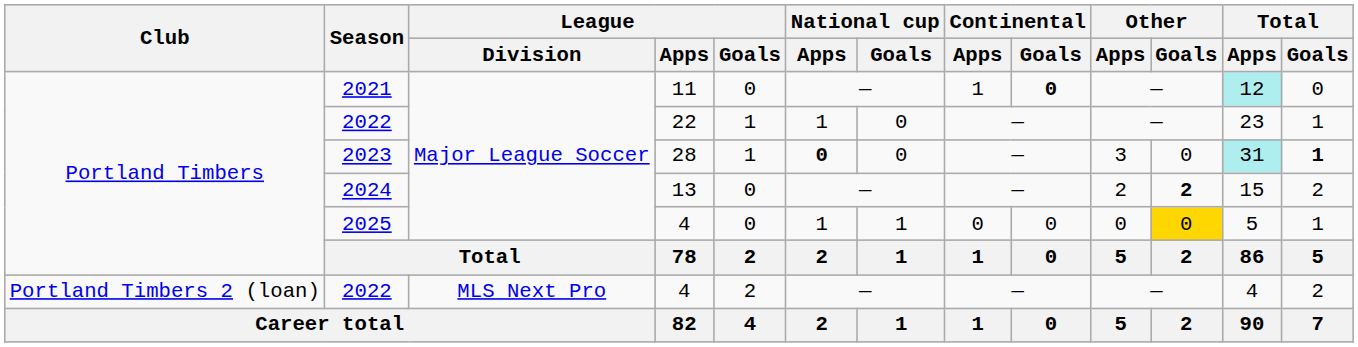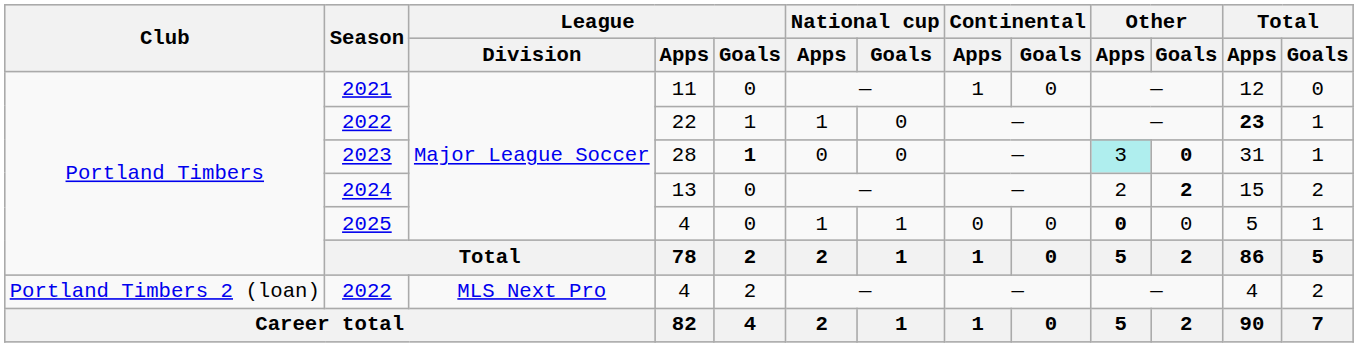 <table class="wikitable" style="text-align: center">
 <tr>
 <th rowspan="2">Club</th>
 <th rowspan="2">Season</th>
 <th colspan="3">League</th>
 <th colspan="2">National cup</th>
 <th colspan="2">Continental</th>
 <th colspan="2">Other</th>
 <th colspan="2">Total</th>
 </tr>
 <tr>
 <th>Division</th>
 <th>Apps</th>
 <th>Goals</th>
 <th>Apps</th>
 <th>Goals</th>
 <th>Apps</th>
 <th>Goals</th>
 <th>Apps</th>
 <th>Goals</th>
 <th>Apps</th>
 <th>Goals</th>
 </tr>
 <tr>
 <td rowspan="6"><a href='#'>Portland Timbers</a></td>
 <td><a href='#'>2021</a></td>
 <td rowspan=5><a href='#'>Major League Soccer</a></td>
 <td>11</td>
 <td>0</td>
 <td colspan="2">—</td>
 <td>1</td>
-<td><strong>0</strong></td>
+<td>0</td>
 <td colspan="2">—</td>
-<td style="background: paleturquoise;">12</td>
+<td>12</td>
 <td>0</td>
 </tr>
 <tr>
 <td><a href='#'>2022</a></td>
 <td>22</td>
 <td>1</td>
 <td>1</td>
 <td>0</td>
 <td colspan="2">—</td>
 <td colspan="2">—</td>
-<td>23</td>
+<td><strong>23</strong></td>
 <td>1</td>
 </tr>
 <tr>
 <td><a href='#'>2023</a></td>
 <td>28</td>
-<td>1</td>
-<td><strong>0</strong></td>
+<td><strong>1</strong></td>
+<td>0</td>
 <td>0</td>
 <td colspan="2">—</td>
-<td>3</td>
-<td>0</td>
-<td style="background: paleturquoise;">31</td>
-<td><strong>1</strong></td>
+<td style="background: paleturquoise;">3</td>
+<td><strong>0</strong></td>
+<td>31</td>
+<td>1</td>
 </tr>
 <tr>
 <td><a href='#'>2024</a></td>
 <td>13</td>
 <td>0</td>
 <td colspan="2">—</td>
 <td colspan="2">—</td>
 <td>2</td>
 <td><strong>2</strong></td>
 <td>15</td>
 <td>2</td>
 </tr>
 <tr>
 <td><a href='#'>2025</a></td>
 <td>4</td>
 <td>0</td>
 <td>1</td>
 <td>1</td>
 <td>0</td>
 <td>0</td>
+<td><strong>0</strong></td>
 <td>0</td>
-<td style="background: gold;">0</td>
 <td>5</td>
 <td>1</td>
 </tr>
 <tr>
 <th colspan="2">Total</th>
 <th>78</th>
 <th>2</th>
 <th>2</th>
 <th>1</th>
 <th>1</th>
 <th>0</th>
 <th>5</th>
 <th>2</th>
 <th>86</th>
 <th>5</th>
 </tr>
 <tr>
 <td><a href='#'>Portland Timbers 2</a> (loan)</td>
 <td><a href='#'>2022</a></td>
 <td><a href='#'>MLS Next Pro</a></td>
 <td>4</td>
 <td>2</td>
 <td colspan="2">—</td>
 <td colspan="2">—</td>
 <td colspan="2">—</td>
 <td>4</td>
 <td>2</td>
 </tr>
 <tr>
 <th colspan="3">Career total</th>
 <th>82</th>
 <th>4</th>
 <th>2</th>
 <th>1</th>
 <th>1</th>
 <th>0</th>
 <th>5</th>
 <th>2</th>
 <th>90</th>
 <th>7</th>
 </tr>
 </table>
